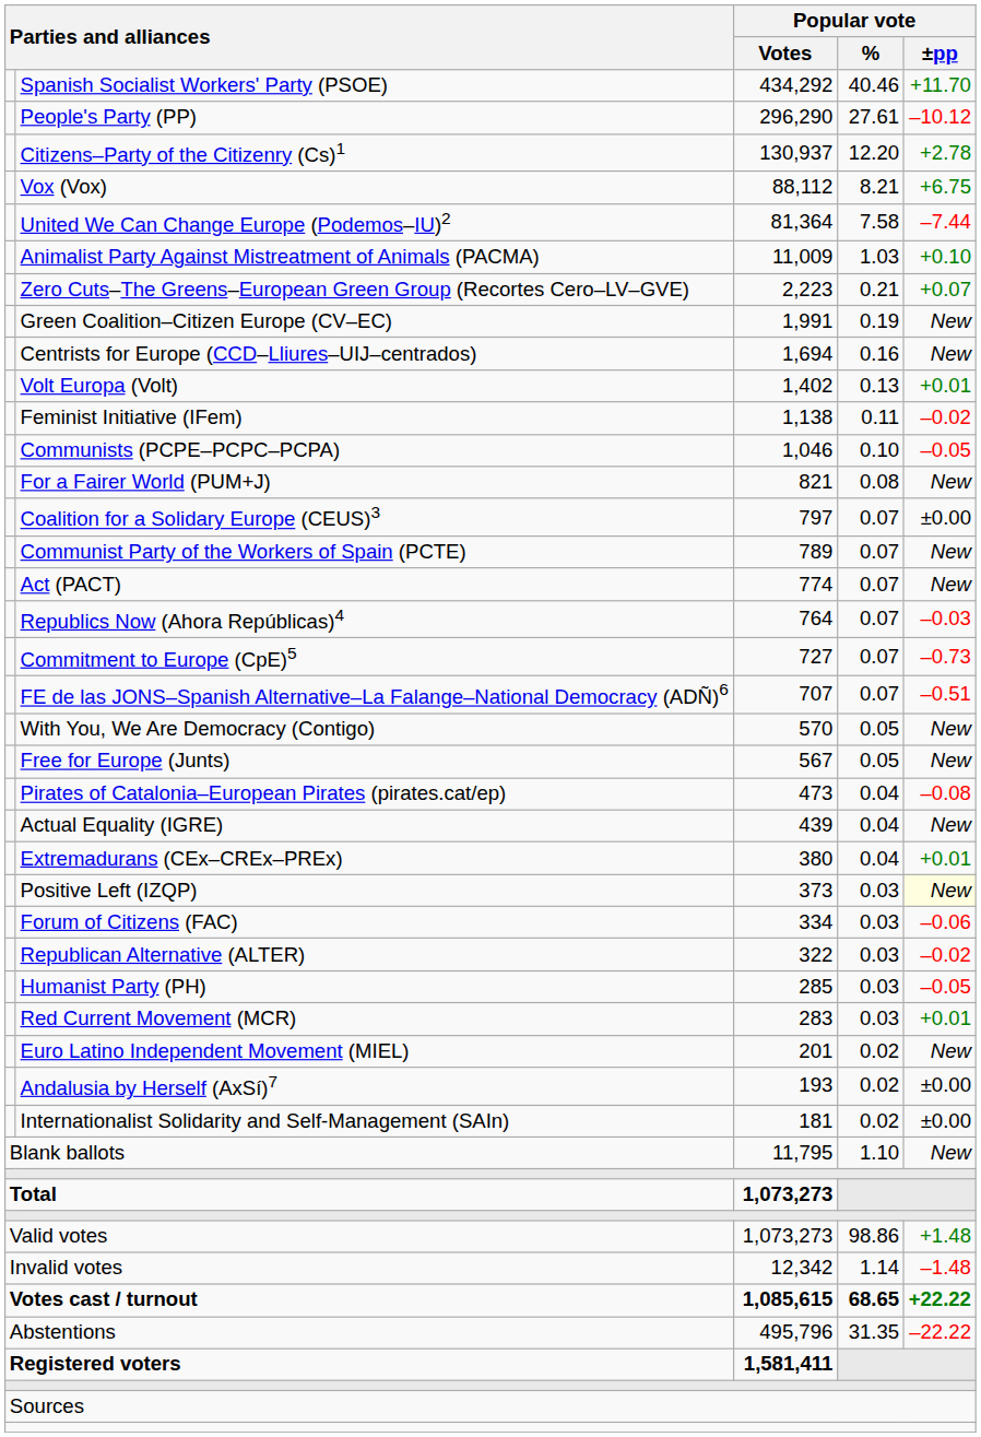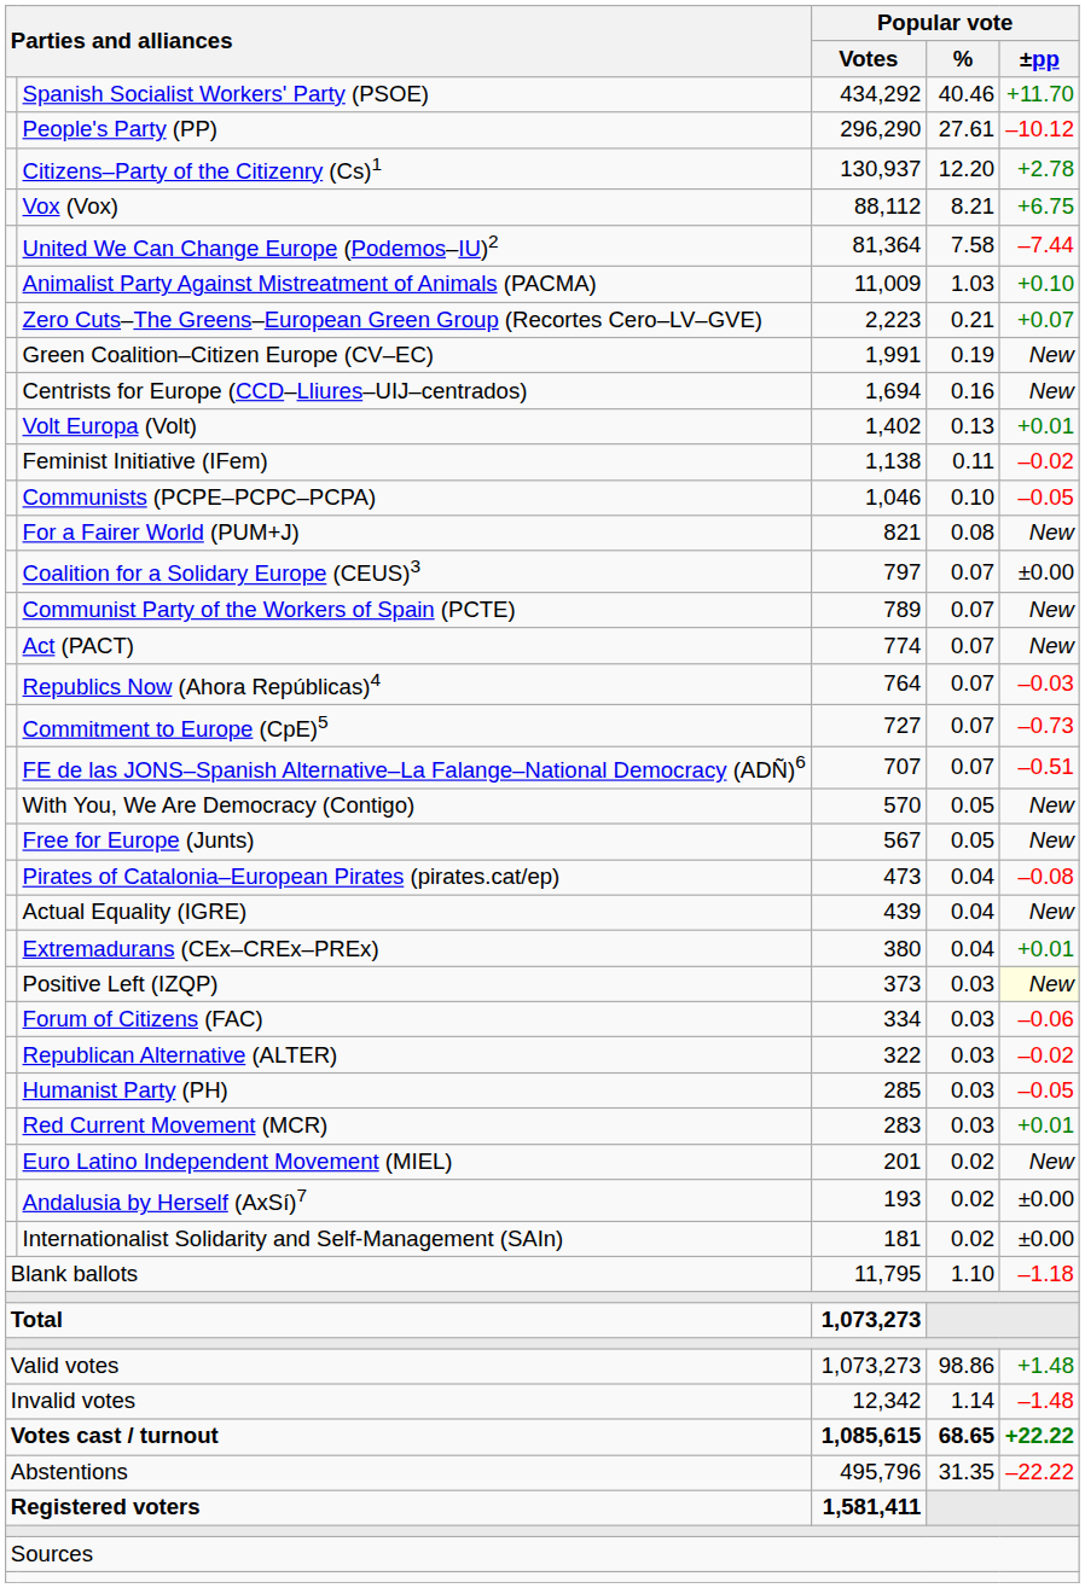 <table class="wikitable" style="text-align:right;">
 <tr>
 <th style="text-align:left;" rowspan="2" colspan="2" width="525">Parties and alliances</th>
 <th colspan="3">Popular vote</th>
 </tr>
 <tr>
 <th width="75">Votes</th>
 <th width="45">%</th>
 <th width="45">±<a href='#'>pp</a></th>
 </tr>
 <tr>
 <td width="1" style="color:inherit;background:"></td>
 <td align="left"><a href='#'>Spanish Socialist Workers' Party</a> (PSOE)</td>
 <td>434,292</td>
 <td>40.46</td>
 <td style="color:green;">+11.70</td>
 </tr>
 <tr>
 <td style="color:inherit;background:"></td>
 <td align="left"><a href='#'>People's Party</a> (PP)</td>
 <td>296,290</td>
 <td>27.61</td>
 <td style="color:red;">–10.12</td>
 </tr>
 <tr>
 <td style="color:inherit;background:"></td>
 <td align="left"><a href='#'>Citizens–Party of the Citizenry</a> (Cs)<sup>1</sup></td>
 <td>130,937</td>
 <td>12.20</td>
 <td style="color:green;">+2.78</td>
 </tr>
 <tr>
 <td style="color:inherit;background:"></td>
 <td align="left"><a href='#'>Vox</a> (Vox)</td>
 <td>88,112</td>
 <td>8.21</td>
 <td style="color:green;">+6.75</td>
 </tr>
 <tr>
 <td style="color:inherit;background:"></td>
 <td align="left"><a href='#'>United We Can Change Europe</a> (<a href='#'>Podemos</a>–<a href='#'>IU</a>)<sup>2</sup></td>
 <td>81,364</td>
 <td>7.58</td>
 <td style="color:red;">–7.44</td>
 </tr>
 <tr>
 <td style="color:inherit;background:"></td>
 <td align="left"><a href='#'>Animalist Party Against Mistreatment of Animals</a> (PACMA)</td>
 <td>11,009</td>
 <td>1.03</td>
 <td style="color:green;">+0.10</td>
 </tr>
 <tr>
 <td style="color:inherit;background:"></td>
 <td align="left"><a href='#'>Zero Cuts</a>–<a href='#'>The Greens</a>–<a href='#'>European Green Group</a> (Recortes Cero–LV–GVE)</td>
 <td>2,223</td>
 <td>0.21</td>
 <td style="color:green;">+0.07</td>
 </tr>
 <tr>
 <td style="color:inherit;background:"></td>
 <td align="left">Green Coalition–Citizen Europe (CV–EC)</td>
 <td>1,991</td>
 <td>0.19</td>
 <td><em>New</em></td>
 </tr>
 <tr>
 <td style="color:inherit;background:"></td>
 <td align="left">Centrists for Europe (<a href='#'>CCD</a>–<a href='#'>Lliures</a>–UIJ–centrados)</td>
 <td>1,694</td>
 <td>0.16</td>
 <td><em>New</em></td>
 </tr>
 <tr>
 <td style="color:inherit;background:"></td>
 <td align="left"><a href='#'>Volt Europa</a> (Volt)</td>
 <td>1,402</td>
 <td>0.13</td>
 <td style="color:green;">+0.01</td>
 </tr>
 <tr>
 <td style="color:inherit;background:"></td>
 <td align="left">Feminist Initiative (IFem)</td>
 <td>1,138</td>
 <td>0.11</td>
 <td style="color:red;">–0.02</td>
 </tr>
 <tr>
 <td style="color:inherit;background:"></td>
 <td align="left"><a href='#'>Communists</a> (PCPE–PCPC–PCPA)</td>
 <td>1,046</td>
 <td>0.10</td>
 <td style="color:red;">–0.05</td>
 </tr>
 <tr>
 <td style="color:inherit;background:"></td>
 <td align="left"><a href='#'>For a Fairer World</a> (PUM+J)</td>
 <td>821</td>
 <td>0.08</td>
 <td><em>New</em></td>
 </tr>
 <tr>
 <td style="color:inherit;background:"></td>
 <td align="left"><a href='#'>Coalition for a Solidary Europe</a> (CEUS)<sup>3</sup></td>
 <td>797</td>
 <td>0.07</td>
 <td>±0.00</td>
 </tr>
 <tr>
 <td style="color:inherit;background:"></td>
 <td align="left"><a href='#'>Communist Party of the Workers of Spain</a> (PCTE)</td>
 <td>789</td>
 <td>0.07</td>
 <td><em>New</em></td>
 </tr>
 <tr>
 <td style="color:inherit;background:"></td>
 <td align="left"><a href='#'>Act</a> (PACT)</td>
 <td>774</td>
 <td>0.07</td>
 <td><em>New</em></td>
 </tr>
 <tr>
 <td style="color:inherit;background:"></td>
 <td align="left"><a href='#'>Republics Now</a> (Ahora Repúblicas)<sup>4</sup></td>
 <td>764</td>
 <td>0.07</td>
 <td style="color:red;">–0.03</td>
 </tr>
 <tr>
 <td style="color:inherit;background:"></td>
 <td align="left"><a href='#'>Commitment to Europe</a> (CpE)<sup>5</sup></td>
 <td>727</td>
 <td>0.07</td>
 <td style="color:red;">–0.73</td>
 </tr>
 <tr>
 <td style="color:inherit;background:"></td>
 <td align="left"><a href='#'>FE de las JONS–Spanish Alternative–La Falange–National Democracy</a> (ADÑ)<sup>6</sup></td>
 <td>707</td>
 <td>0.07</td>
 <td style="color:red;">–0.51</td>
 </tr>
 <tr>
 <td style="color:inherit;background:"></td>
 <td align="left">With You, We Are Democracy (Contigo)</td>
 <td>570</td>
 <td>0.05</td>
 <td><em>New</em></td>
 </tr>
 <tr>
 <td style="color:inherit;background:"></td>
 <td align="left"><a href='#'>Free for Europe</a> (Junts)</td>
 <td>567</td>
 <td>0.05</td>
 <td><em>New</em></td>
 </tr>
 <tr>
 <td style="color:inherit;background:"></td>
 <td align="left"><a href='#'>Pirates of Catalonia–European Pirates</a> (pirates.cat/ep)</td>
 <td>473</td>
 <td>0.04</td>
 <td style="color:red;">–0.08</td>
 </tr>
 <tr>
 <td style="color:inherit;background:"></td>
 <td align="left">Actual Equality (IGRE)</td>
 <td>439</td>
 <td>0.04</td>
 <td><em>New</em></td>
 </tr>
 <tr>
 <td style="color:inherit;background:"></td>
 <td align="left"><a href='#'>Extremadurans</a> (CEx–CREx–PREx)</td>
 <td>380</td>
 <td>0.04</td>
 <td style="color:green;">+0.01</td>
 </tr>
 <tr>
 <td style="color:inherit;background:"></td>
 <td align="left">Positive Left (IZQP)</td>
 <td>373</td>
 <td>0.03</td>
 <td style="background: lightyellow;"><em>New</em></td>
 </tr>
 <tr>
 <td style="color:inherit;background:"></td>
 <td align="left"><a href='#'>Forum of Citizens</a> (FAC)</td>
 <td>334</td>
 <td>0.03</td>
 <td style="color:red;">–0.06</td>
 </tr>
 <tr>
 <td style="color:inherit;background:"></td>
 <td align="left"><a href='#'>Republican Alternative</a> (ALTER)</td>
 <td>322</td>
 <td>0.03</td>
 <td style="color:red;">–0.02</td>
 </tr>
 <tr>
 <td style="color:inherit;background:"></td>
 <td align="left"><a href='#'>Humanist Party</a> (PH)</td>
 <td>285</td>
 <td>0.03</td>
 <td style="color:red;">–0.05</td>
 </tr>
 <tr>
 <td style="color:inherit;background:"></td>
 <td align="left"><a href='#'>Red Current Movement</a> (MCR)</td>
 <td>283</td>
 <td>0.03</td>
 <td style="color:green;">+0.01</td>
 </tr>
 <tr>
 <td style="color:inherit;background:"></td>
 <td align="left"><a href='#'>Euro Latino Independent Movement</a> (MIEL)</td>
 <td>201</td>
 <td>0.02</td>
 <td><em>New</em></td>
 </tr>
 <tr>
 <td style="color:inherit;background:"></td>
 <td align="left"><a href='#'>Andalusia by Herself</a> (AxSí)<sup>7</sup></td>
 <td>193</td>
 <td>0.02</td>
 <td>±0.00</td>
 </tr>
 <tr>
 <td style="color:inherit;background:"></td>
 <td align="left">Internationalist Solidarity and Self-Management (SAIn)</td>
 <td>181</td>
 <td>0.02</td>
 <td>±0.00</td>
 </tr>
 <tr>
 <td align="left" colspan="2">Blank ballots</td>
 <td>11,795</td>
 <td>1.10</td>
-<td><em>New</em></td>
+<td style="color:red;">–1.18</td>
 </tr>
 <tr>
 <td colspan="5" bgcolor="#E9E9E9"></td>
 </tr>
 <tr style="font-weight:bold;">
 <td align="left" colspan="2">Total</td>
 <td>1,073,273</td>
 <td bgcolor="#E9E9E9" colspan="2"></td>
 </tr>
 <tr>
 <td colspan="5" bgcolor="#E9E9E9"></td>
 </tr>
 <tr>
 <td align="left" colspan="2">Valid votes</td>
 <td>1,073,273</td>
 <td>98.86</td>
 <td style="color:green;">+1.48</td>
 </tr>
 <tr>
 <td align="left" colspan="2">Invalid votes</td>
 <td>12,342</td>
 <td>1.14</td>
 <td style="color:red;">–1.48</td>
 </tr>
 <tr style="font-weight:bold;">
 <td align="left" colspan="2">Votes cast / turnout</td>
 <td>1,085,615</td>
 <td>68.65</td>
 <td style="color:green;">+22.22</td>
 </tr>
 <tr>
 <td align="left" colspan="2">Abstentions</td>
 <td>495,796</td>
 <td>31.35</td>
 <td style="color:red;">–22.22</td>
 </tr>
 <tr style="font-weight:bold;">
 <td align="left" colspan="2">Registered voters</td>
 <td>1,581,411</td>
 <td bgcolor="#E9E9E9" colspan="2"></td>
 </tr>
 <tr>
 <td colspan="5" bgcolor="#E9E9E9"></td>
 </tr>
 <tr>
 <td align="left" colspan="5">Sources</td>
 </tr>
 <tr>
 <td colspan="5" style="text-align:left; max-width:680px;"></td>
 </tr>
 </table>
